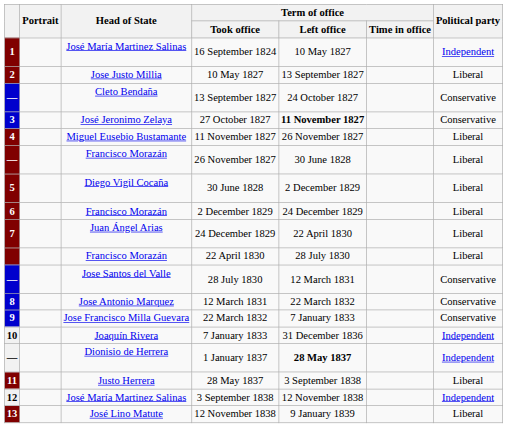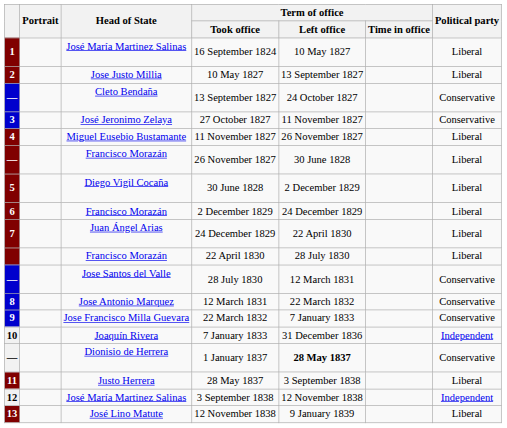 <table class="wikitable" style="text-align:center">
 <tr>
 <th rowspan="2"></th>
 <th rowspan="2">Portrait</th>
 <th rowspan="2">Head of State<br></th>
 <th colspan="3">Term of office</th>
 <th rowspan="2">Political party</th>
 </tr>
 <tr style="background:#cccccc">
 <th>Took office</th>
 <th>Left office</th>
 <th>Time in office</th>
 </tr>
 <tr>
 <th style="background:Maroon; color:white">1</th>
 <td></td>
 <td><a href='#'>José María Martinez Salinas</a><br><br></td>
 <td>16 September 1824</td>
 <td>10 May 1827<br></td>
 <td></td>
-<td><a href='#'>Independent</a></td>
+<td>Liberal</td>
 </tr>
 <tr>
 <th style="background:Maroon; color:white">2</th>
 <td></td>
 <td><a href='#'>Jose Justo Millia</a><br></td>
 <td>10 May 1827</td>
 <td>13 September 1827</td>
 <td></td>
 <td>Liberal</td>
 </tr>
 <tr>
 <th style="background:MediumBlue; color:white">—</th>
 <td></td>
 <td><a href='#'>Cleto Bendaña</a><br><br></td>
 <td>13 September 1827</td>
 <td>24 October 1827</td>
 <td></td>
 <td>Conservative</td>
 </tr>
 <tr>
 <th style="background:MediumBlue; color:white">3</th>
 <td></td>
 <td><a href='#'>José Jeronimo Zelaya</a><br></td>
 <td>27 October 1827</td>
-<td><strong>11 November 1827</strong></td>
+<td>11 November 1827</td>
 <td></td>
 <td>Conservative</td>
 </tr>
 <tr>
 <th style="background:Maroon; color:white">4</th>
 <td></td>
 <td><a href='#'>Miguel Eusebio Bustamante</a><br></td>
 <td>11 November 1827</td>
 <td>26 November 1827</td>
 <td></td>
 <td>Liberal</td>
 </tr>
 <tr>
 <th style="background:Maroon; color:white">—</th>
 <td></td>
 <td><a href='#'>Francisco Morazán</a><br><br></td>
 <td>26 November 1827</td>
 <td>30 June 1828</td>
 <td></td>
 <td>Liberal</td>
 </tr>
 <tr>
 <th style="background:Maroon; color:white">5</th>
 <td></td>
 <td><a href='#'>Diego Vigil Cocaña</a><br><br></td>
 <td>30 June 1828</td>
 <td>2 December 1829</td>
 <td></td>
 <td>Liberal</td>
 </tr>
 <tr>
 <th style="background:Maroon; color:white">6</th>
 <td></td>
 <td><a href='#'>Francisco Morazán</a><br></td>
 <td>2 December 1829</td>
 <td>24 December 1829</td>
 <td></td>
 <td>Liberal</td>
 </tr>
 <tr>
 <th style="background:Maroon; color:white">7</th>
 <td></td>
 <td><a href='#'>Juan Ángel Arias</a><br><br></td>
 <td>24 December 1829</td>
 <td>22 April 1830</td>
 <td></td>
 <td>Liberal</td>
 </tr>
 <tr>
 <th style="background:Maroon; color:white"></th>
 <td></td>
 <td><a href='#'>Francisco Morazán</a><br></td>
 <td>22 April 1830</td>
 <td>28 July 1830</td>
 <td></td>
 <td>Liberal</td>
 </tr>
 <tr>
 <th style="background:MediumBlue; color:white">—</th>
 <td></td>
 <td><a href='#'>Jose Santos del Valle</a><br><br></td>
 <td>28 July 1830</td>
 <td>12 March 1831</td>
 <td></td>
 <td>Conservative</td>
 </tr>
 <tr>
 <th style="background:MediumBlue; color:white">8</th>
 <td></td>
 <td><a href='#'>Jose Antonio Marquez</a><br></td>
 <td>12 March 1831</td>
 <td>22 March 1832</td>
 <td></td>
 <td>Conservative</td>
 </tr>
 <tr>
 <th style="background:MediumBlue; color:white">9</th>
 <td></td>
 <td><a href='#'>Jose Francisco Milla Guevara</a><br></td>
 <td>22 March 1832</td>
 <td>7 January 1833</td>
 <td></td>
 <td>Conservative</td>
 </tr>
 <tr>
 <th style="background:">10</th>
 <td></td>
 <td><a href='#'>Joaquín Rivera</a><br></td>
 <td>7 January 1833</td>
 <td>31 December 1836</td>
 <td></td>
 <td><a href='#'>Independent</a></td>
 </tr>
 <tr>
 <th style="background:">—</th>
 <td></td>
 <td><a href='#'>Dionisio de Herrera</a><br><br></td>
 <td>1 January 1837</td>
 <td><strong>28 May 1837</strong></td>
 <td></td>
-<td><a href='#'>Independent</a></td>
+<td>Conservative</td>
 </tr>
 <tr>
 <th style="background:Maroon; color:white">11</th>
 <td></td>
 <td><a href='#'>Justo Herrera</a><br></td>
 <td>28 May 1837</td>
 <td>3 September 1838</td>
 <td></td>
 <td>Liberal</td>
 </tr>
 <tr>
 <th style="background:">12</th>
 <td></td>
 <td><a href='#'>José María Martinez Salinas</a><br></td>
 <td>3 September 1838</td>
 <td>12 November 1838</td>
 <td></td>
 <td><a href='#'>Independent</a></td>
 </tr>
 <tr>
 <th style="background:Maroon; color:white">13</th>
 <td></td>
 <td><a href='#'>José Lino Matute</a><br></td>
 <td>12 November 1838</td>
 <td>9 January 1839</td>
 <td></td>
 <td>Liberal</td>
 </tr>
 </table>
